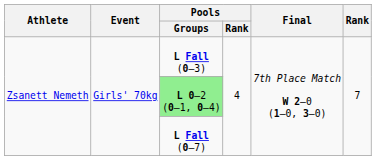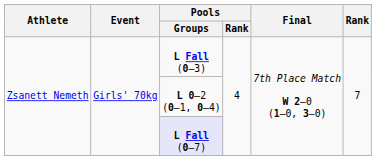 <table class="wikitable" style="text-align:left; font-size:90%">
 <tr>
 <th rowspan="2">Athlete</th>
 <th rowspan="2">Event</th>
 <th colspan="2">Pools</th>
 <th rowspan="2">Final</th>
 <th rowspan="2">Rank</th>
 </tr>
 <tr>
 <th>Groups</th>
 <th>Rank</th>
 </tr>
 <tr>
 <td rowspan="3"><a href='#'>Zsanett Nemeth</a></td>
 <td rowspan="3"><a href='#'>Girls' 70kg</a></td>
 <td align=center><br><strong>L</strong> <strong><a href='#'>Fall</a></strong><br>(<strong>0</strong>–3)</td>
 <td rowspan="3" align=center>4</td>
 <td align=center rowspan=3><em>7th Place Match</em><br><br><strong>W</strong> <strong>2</strong>–0<br>(<strong>1</strong>–0, <strong>3</strong>–0)</td>
 <td rowspan="3" align="center">7</td>
 </tr>
 <tr>
-<td align=center style="background: lightgreen;"><br><strong>L</strong> <strong>0</strong>–2<br>(<strong>0</strong>–1, <strong>0</strong>–4)</td>
+<td align=center><br><strong>L</strong> <strong>0</strong>–2<br>(<strong>0</strong>–1, <strong>0</strong>–4)</td>
 </tr>
 <tr>
-<td align=center><br><strong>L</strong> <strong><a href='#'>Fall</a></strong><br>(<strong>0</strong>–7)</td>
+<td align=center style="background: lavender;"><br><strong>L</strong> <strong><a href='#'>Fall</a></strong><br>(<strong>0</strong>–7)</td>
 </tr>
 </table>
